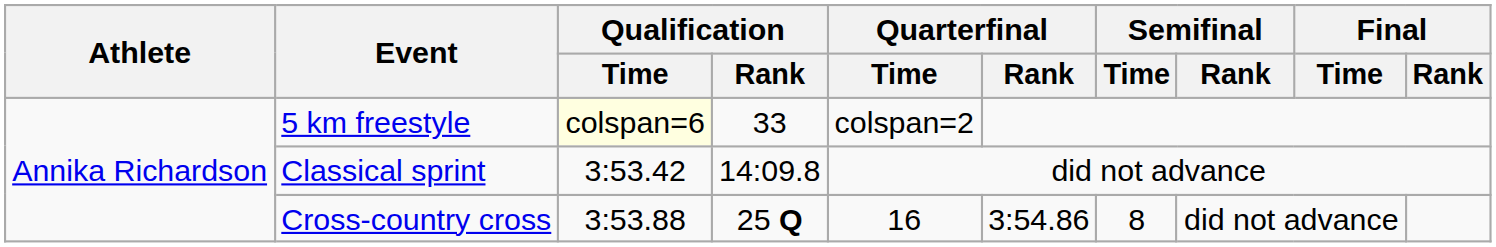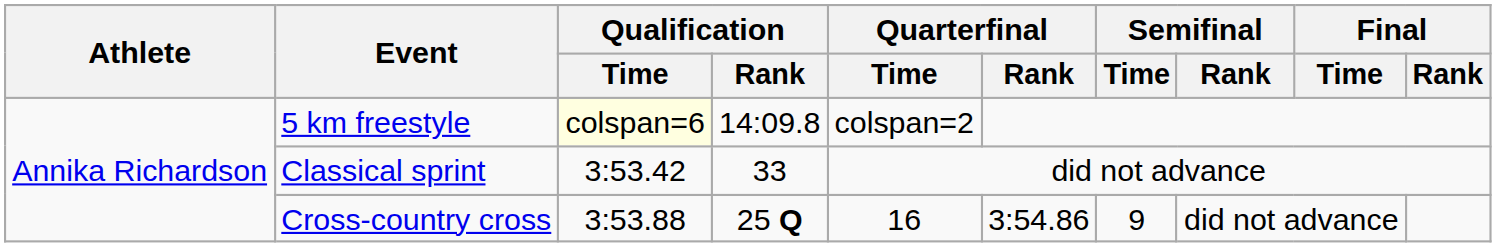 <table class="wikitable" style="font-size:90%">
 <tr>
 <th rowspan="2">Athlete</th>
 <th rowspan="2">Event</th>
 <th colspan="2">Qualification</th>
 <th colspan="2">Quarterfinal</th>
 <th colspan="2">Semifinal</th>
 <th colspan="2">Final</th>
 </tr>
 <tr style="font-size:95%">
 <th>Time</th>
 <th>Rank</th>
 <th>Time</th>
 <th>Rank</th>
 <th>Time</th>
 <th>Rank</th>
 <th>Time</th>
 <th>Rank</th>
 </tr>
 <tr align=center>
 <td align=left rowspan=3><a href='#'>Annika Richardson</a></td>
 <td align=left><a href='#'>5 km freestyle</a></td>
 <td style="background: lightyellow;">colspan=6 </td>
-<td>33</td>
+<td>14:09.8</td>
 <td>colspan=2 </td>
 </tr>
 <tr align=center>
 <td align=left><a href='#'>Classical sprint</a></td>
 <td>3:53.42</td>
-<td>14:09.8</td>
+<td>33</td>
 <td colspan=6>did not advance</td>
 </tr>
 <tr align=center>
 <td align=left><a href='#'>Cross-country cross</a></td>
 <td>3:53.88</td>
 <td>25 <strong>Q</strong></td>
 <td>16</td>
 <td>3:54.86</td>
-<td>8</td>
+<td>9</td>
 <td colspan=2>did not advance</td>
 </tr>
 </table>
